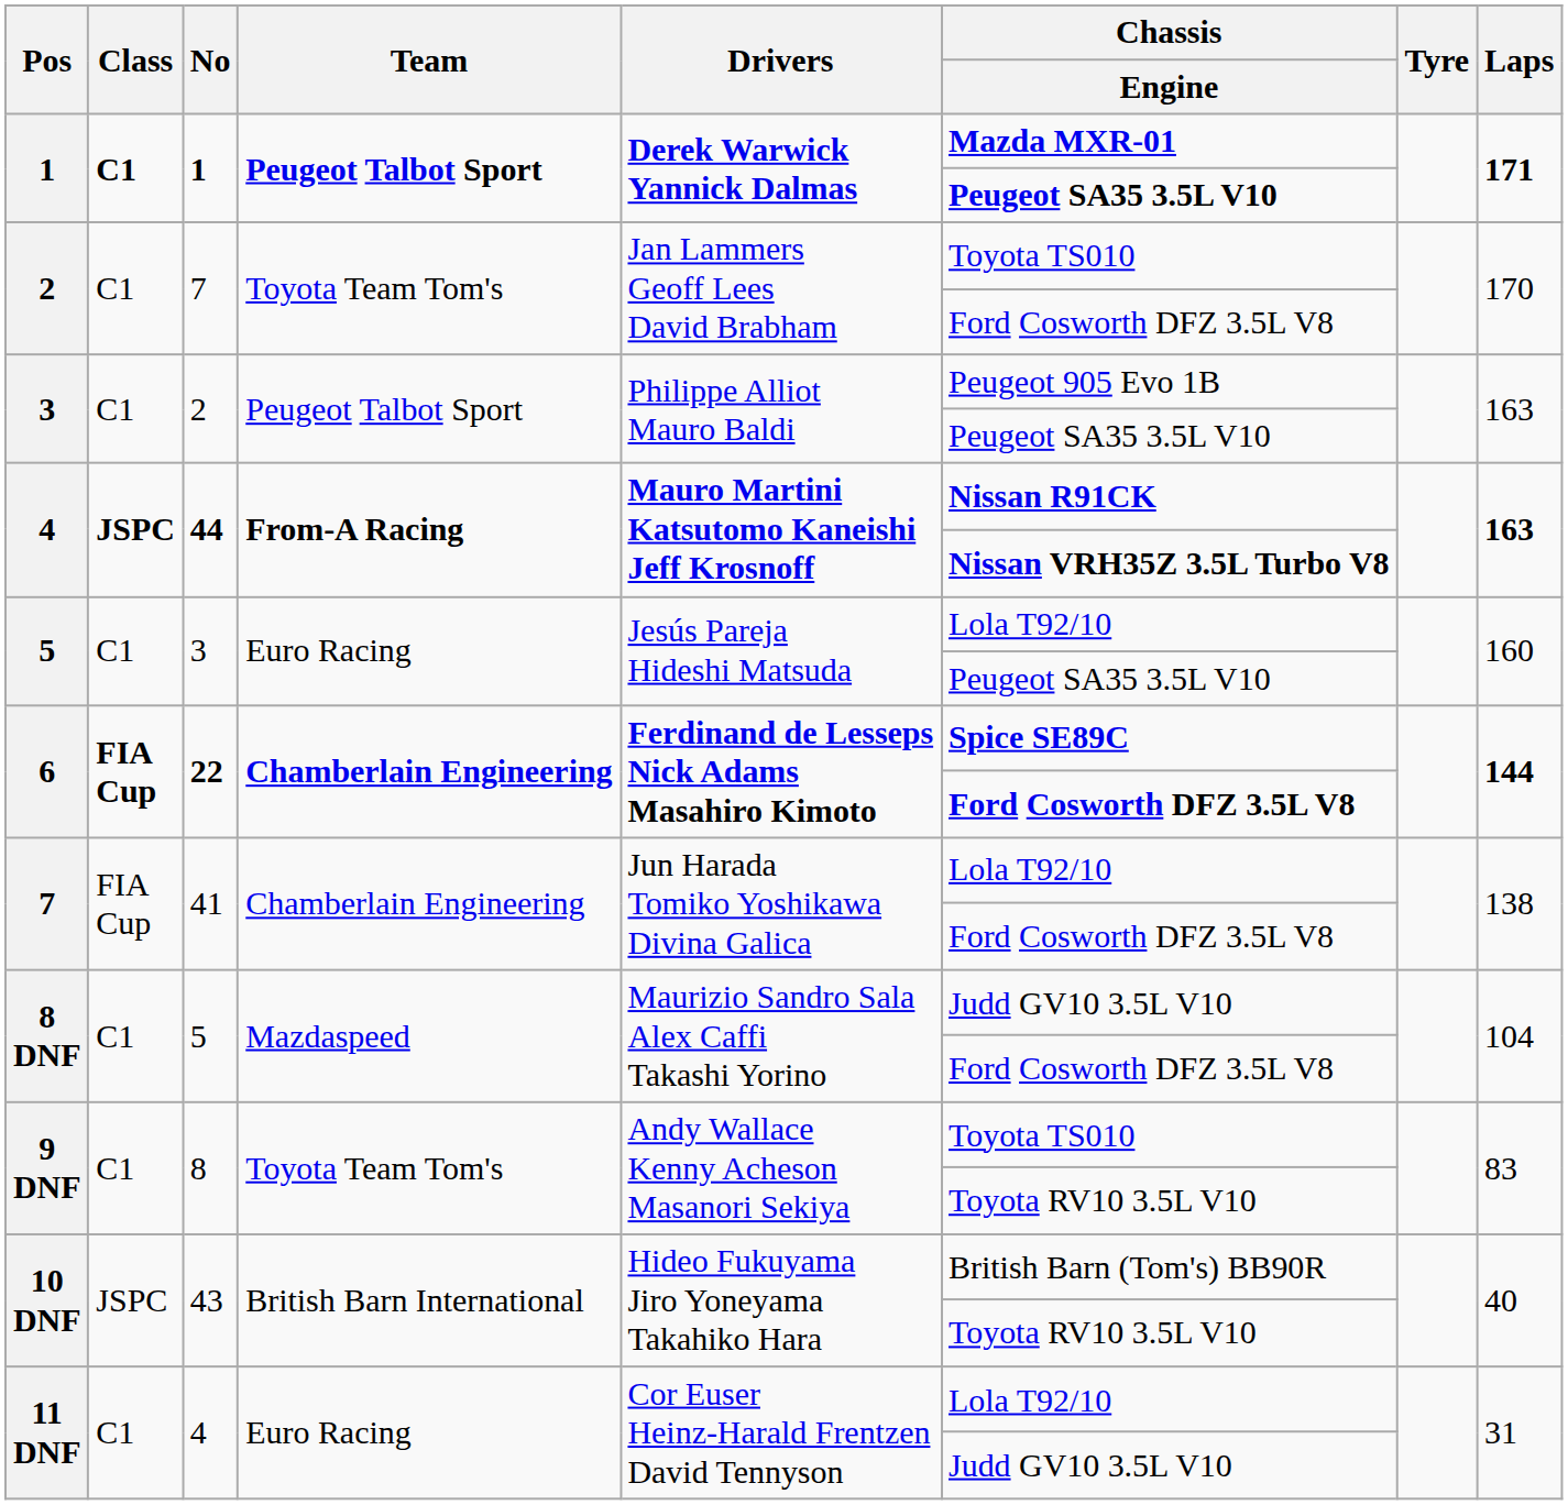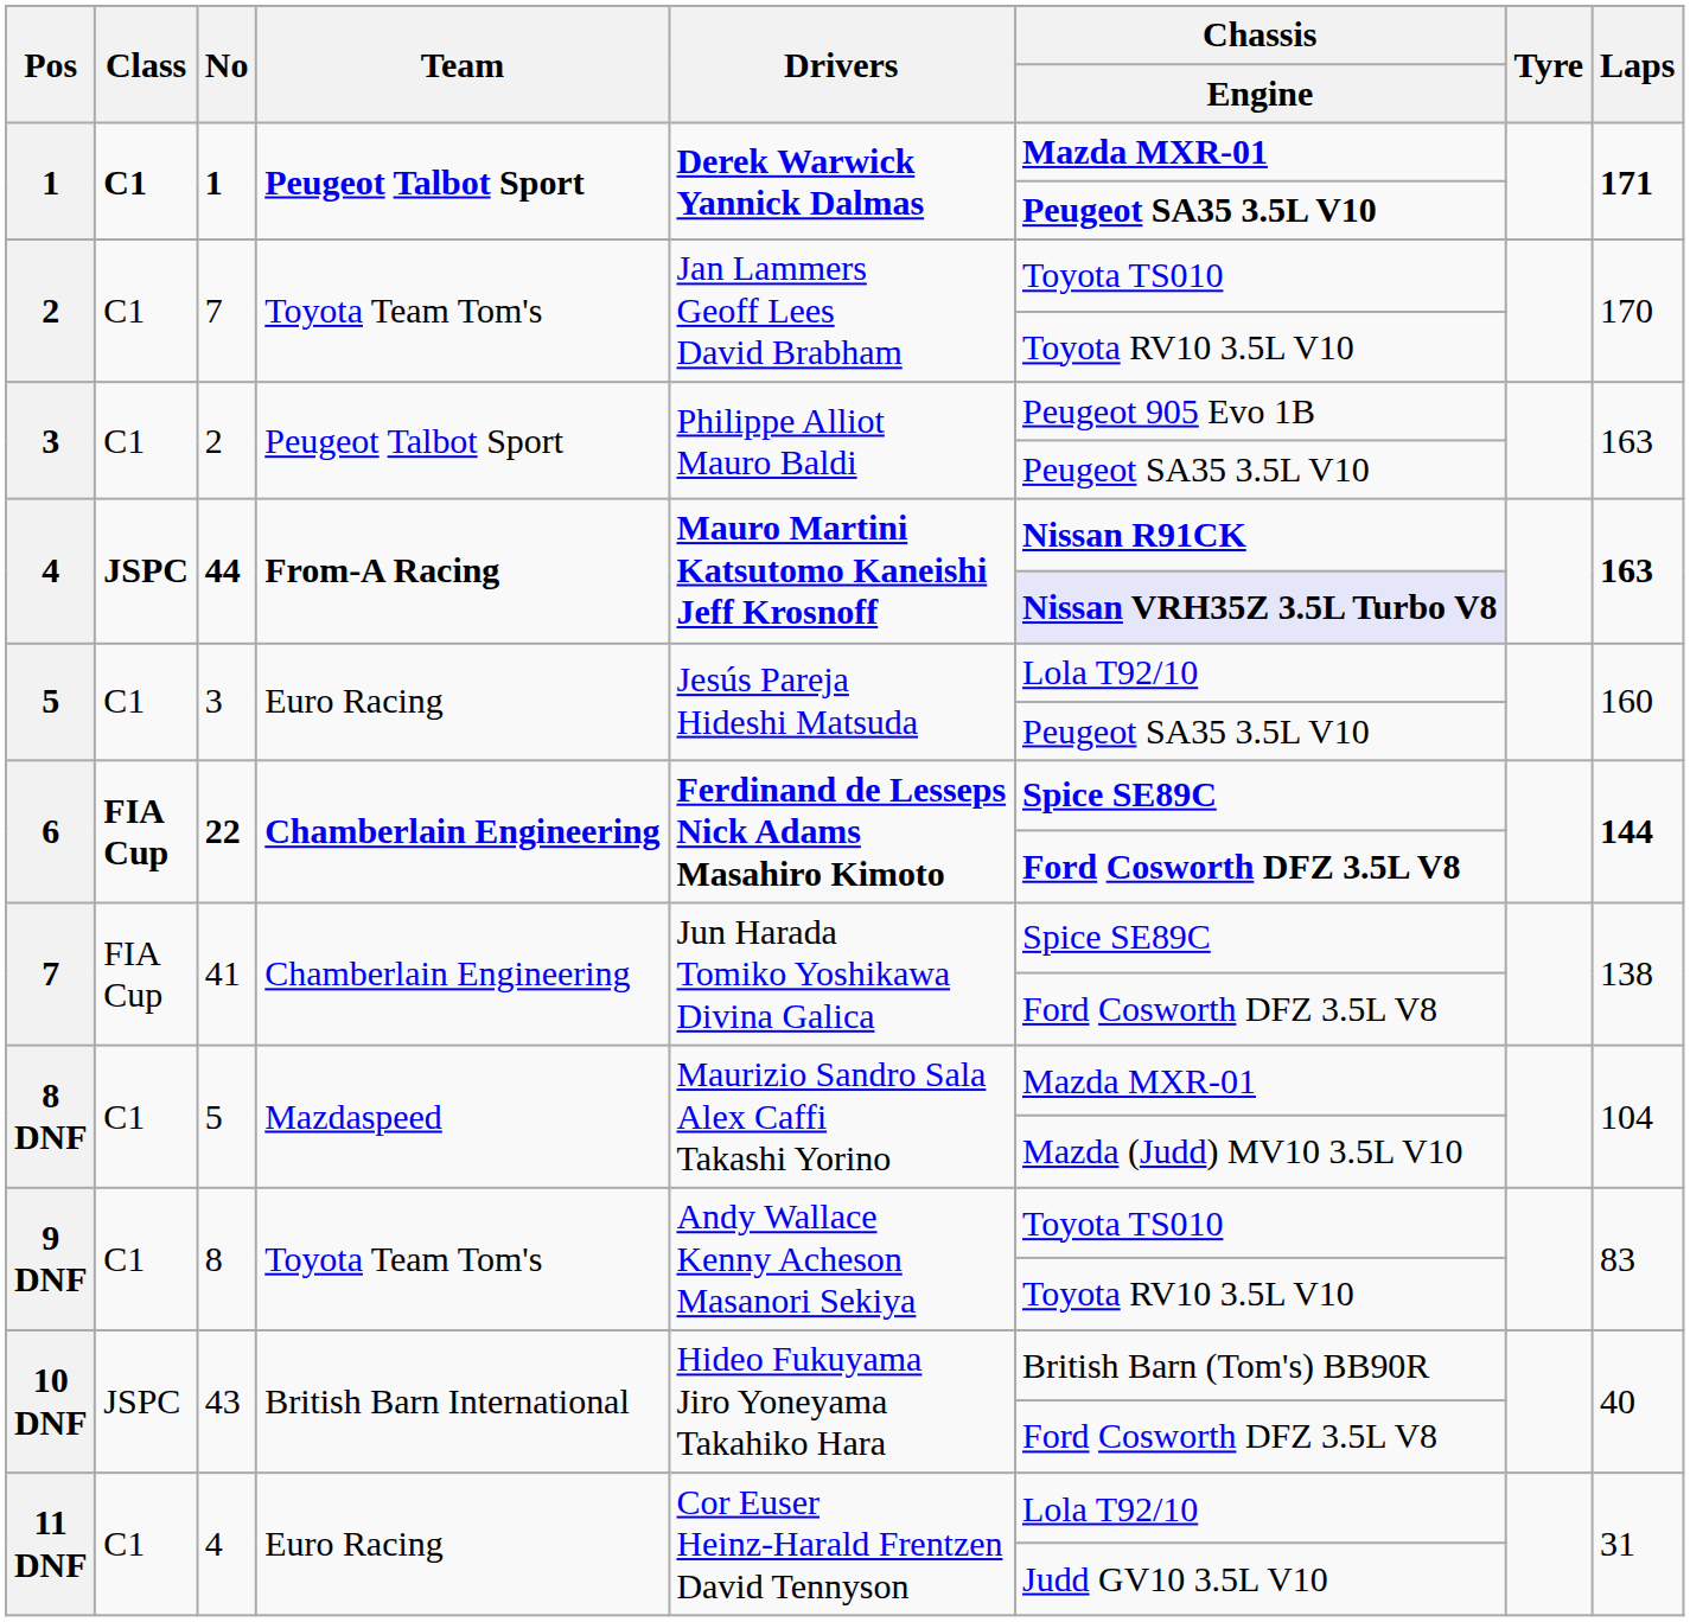 <table class="wikitable" style="font-size: 95%;">
 <tr>
 <th rowspan=2>Pos</th>
 <th rowspan=2>Class</th>
 <th rowspan=2>No</th>
 <th rowspan=2>Team</th>
 <th rowspan=2>Drivers</th>
 <th>Chassis</th>
 <th rowspan=2>Tyre</th>
 <th rowspan=2>Laps</th>
 </tr>
 <tr>
 <th>Engine</th>
 </tr>
 <tr style="font-weight:bold">
 <th rowspan=2>1</th>
 <td rowspan=2>C1</td>
 <td rowspan=2>1</td>
 <td rowspan=2> <a href='#'>Peugeot</a> <a href='#'>Talbot</a> Sport</td>
 <td rowspan=2> <a href='#'>Derek Warwick</a><br> <a href='#'>Yannick Dalmas</a></td>
 <td><a href='#'>Mazda MXR-01</a></td>
 <td rowspan=2></td>
 <td rowspan=2>171</td>
 </tr>
 <tr style="font-weight:bold">
 <td><a href='#'>Peugeot</a> SA35 3.5L V10</td>
 </tr>
 <tr>
 <th rowspan=2>2</th>
 <td rowspan=2>C1</td>
 <td rowspan=2>7</td>
 <td rowspan=2> <a href='#'>Toyota</a> Team Tom's</td>
 <td rowspan=2> <a href='#'>Jan Lammers</a><br> <a href='#'>Geoff Lees</a><br> <a href='#'>David Brabham</a></td>
 <td><a href='#'>Toyota TS010</a></td>
 <td rowspan=2></td>
 <td rowspan=2>170</td>
 </tr>
 <tr>
-<td><a href='#'>Ford</a> <a href='#'>Cosworth</a> DFZ 3.5L V8</td>
+<td><a href='#'>Toyota</a> RV10 3.5L V10</td>
 </tr>
 <tr>
 <th rowspan=2>3</th>
 <td rowspan=2>C1</td>
 <td rowspan=2>2</td>
 <td rowspan=2> <a href='#'>Peugeot</a> <a href='#'>Talbot</a> Sport</td>
 <td rowspan=2> <a href='#'>Philippe Alliot</a><br> <a href='#'>Mauro Baldi</a></td>
 <td><a href='#'>Peugeot 905</a> Evo 1B</td>
 <td rowspan=2></td>
 <td rowspan=2>163</td>
 </tr>
 <tr>
 <td><a href='#'>Peugeot</a> SA35 3.5L V10</td>
 </tr>
 <tr style="font-weight:bold">
 <th rowspan=2>4</th>
 <td rowspan=2>JSPC</td>
 <td rowspan=2>44</td>
 <td rowspan=2> From-A Racing</td>
 <td rowspan=2> <a href='#'>Mauro Martini</a><br> <a href='#'>Katsutomo Kaneishi</a><br> <a href='#'>Jeff Krosnoff</a></td>
 <td><a href='#'>Nissan R91CK</a></td>
 <td rowspan=2></td>
 <td rowspan=2>163</td>
 </tr>
 <tr style="font-weight:bold">
-<td><a href='#'>Nissan</a> VRH35Z 3.5L Turbo V8</td>
+<td style="background: lavender;"><a href='#'>Nissan</a> VRH35Z 3.5L Turbo V8</td>
 </tr>
 <tr>
 <th rowspan=2>5</th>
 <td rowspan=2>C1</td>
 <td rowspan=2>3</td>
 <td rowspan=2> Euro Racing</td>
 <td rowspan=2> <a href='#'>Jesús Pareja</a><br> <a href='#'>Hideshi Matsuda</a></td>
 <td><a href='#'>Lola T92/10</a></td>
 <td rowspan=2></td>
 <td rowspan=2>160</td>
 </tr>
 <tr>
 <td><a href='#'>Peugeot</a> SA35 3.5L V10</td>
 </tr>
 <tr style="font-weight:bold">
 <th rowspan=2>6</th>
 <td rowspan=2>FIA<br>Cup</td>
 <td rowspan=2>22</td>
 <td rowspan=2> <a href='#'>Chamberlain Engineering</a></td>
 <td rowspan=2> <a href='#'>Ferdinand de Lesseps</a><br> <a href='#'>Nick Adams</a><br> Masahiro Kimoto</td>
 <td><a href='#'>Spice SE89C</a></td>
 <td rowspan=2></td>
 <td rowspan=2>144</td>
 </tr>
 <tr style="font-weight:bold">
 <td><a href='#'>Ford</a> <a href='#'>Cosworth</a> DFZ 3.5L V8</td>
 </tr>
 <tr>
 <th rowspan=2>7</th>
 <td rowspan=2>FIA<br>Cup</td>
 <td rowspan=2>41</td>
 <td rowspan=2> <a href='#'>Chamberlain Engineering</a></td>
 <td rowspan=2> Jun Harada<br> <a href='#'>Tomiko Yoshikawa</a><br> <a href='#'>Divina Galica</a></td>
-<td><a href='#'>Lola T92/10</a></td>
+<td><a href='#'>Spice SE89C</a></td>
 <td rowspan=2></td>
 <td rowspan=2>138</td>
 </tr>
 <tr>
 <td><a href='#'>Ford</a> <a href='#'>Cosworth</a> DFZ 3.5L V8</td>
 </tr>
 <tr>
 <th rowspan=2>8<br>DNF</th>
 <td rowspan=2>C1</td>
 <td rowspan=2>5</td>
 <td rowspan=2> <a href='#'>Mazdaspeed</a></td>
 <td rowspan=2> <a href='#'>Maurizio Sandro Sala</a><br> <a href='#'>Alex Caffi</a><br> Takashi Yorino</td>
-<td><a href='#'>Judd</a> GV10 3.5L V10</td>
+<td><a href='#'>Mazda MXR-01</a></td>
 <td rowspan=2></td>
 <td rowspan=2>104</td>
 </tr>
 <tr>
-<td><a href='#'>Ford</a> <a href='#'>Cosworth</a> DFZ 3.5L V8</td>
+<td><a href='#'>Mazda</a> (<a href='#'>Judd</a>) MV10 3.5L V10</td>
 </tr>
 <tr>
 <th rowspan=2>9<br>DNF</th>
 <td rowspan=2>C1</td>
 <td rowspan=2>8</td>
 <td rowspan=2> <a href='#'>Toyota</a> Team Tom's</td>
 <td rowspan=2> <a href='#'>Andy Wallace</a><br> <a href='#'>Kenny Acheson</a><br> <a href='#'>Masanori Sekiya</a></td>
 <td><a href='#'>Toyota TS010</a></td>
 <td rowspan=2></td>
 <td rowspan=2>83</td>
 </tr>
 <tr>
 <td><a href='#'>Toyota</a> RV10 3.5L V10</td>
 </tr>
 <tr>
 <th rowspan=2>10<br>DNF</th>
 <td rowspan=2>JSPC</td>
 <td rowspan=2>43</td>
 <td rowspan=2> British Barn International</td>
 <td rowspan=2> <a href='#'>Hideo Fukuyama</a><br> Jiro Yoneyama<br> Takahiko Hara</td>
 <td>British Barn (Tom's) BB90R</td>
 <td rowspan=2></td>
 <td rowspan=2>40</td>
 </tr>
 <tr>
-<td><a href='#'>Toyota</a> RV10 3.5L V10</td>
+<td><a href='#'>Ford</a> <a href='#'>Cosworth</a> DFZ 3.5L V8</td>
 </tr>
 <tr>
 <th rowspan=2>11<br>DNF</th>
 <td rowspan=2>C1</td>
 <td rowspan=2>4</td>
 <td rowspan=2> Euro Racing</td>
 <td rowspan=2> <a href='#'>Cor Euser</a><br> <a href='#'>Heinz-Harald Frentzen</a><br> David Tennyson</td>
 <td><a href='#'>Lola T92/10</a></td>
 <td rowspan=2></td>
 <td rowspan=2>31</td>
 </tr>
 <tr>
 <td><a href='#'>Judd</a> GV10 3.5L V10</td>
 </tr>
 </table>
